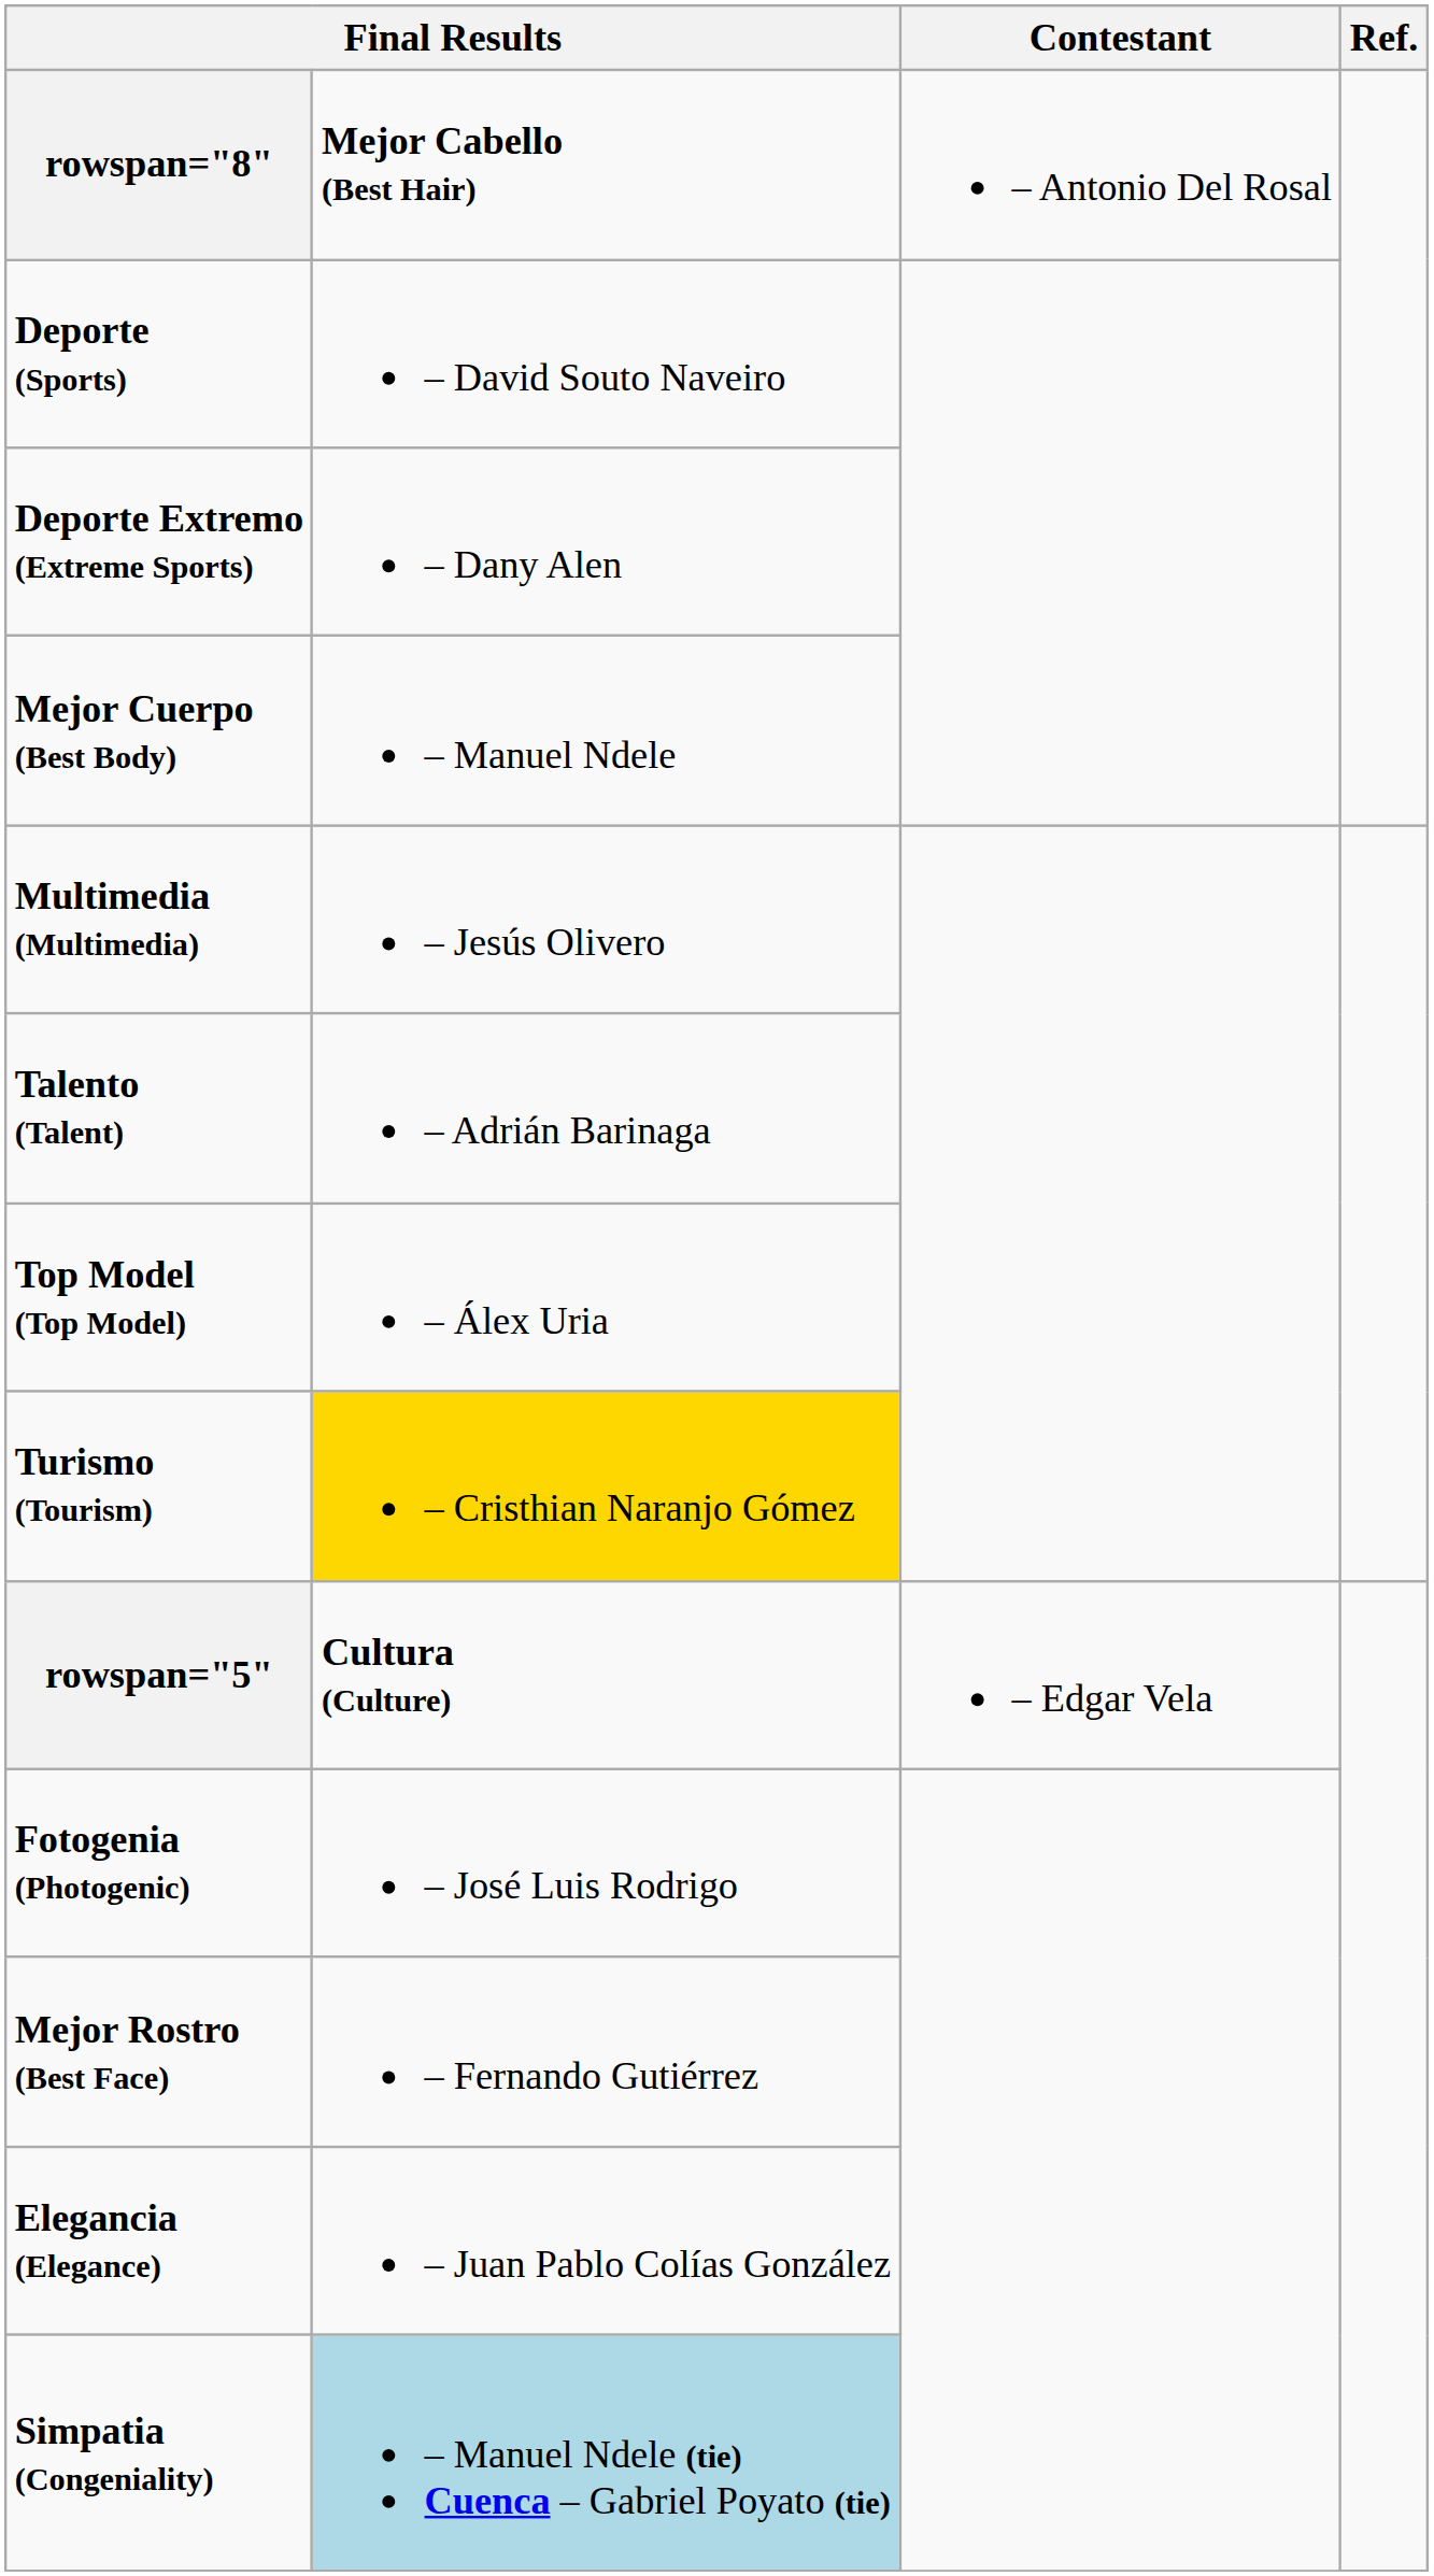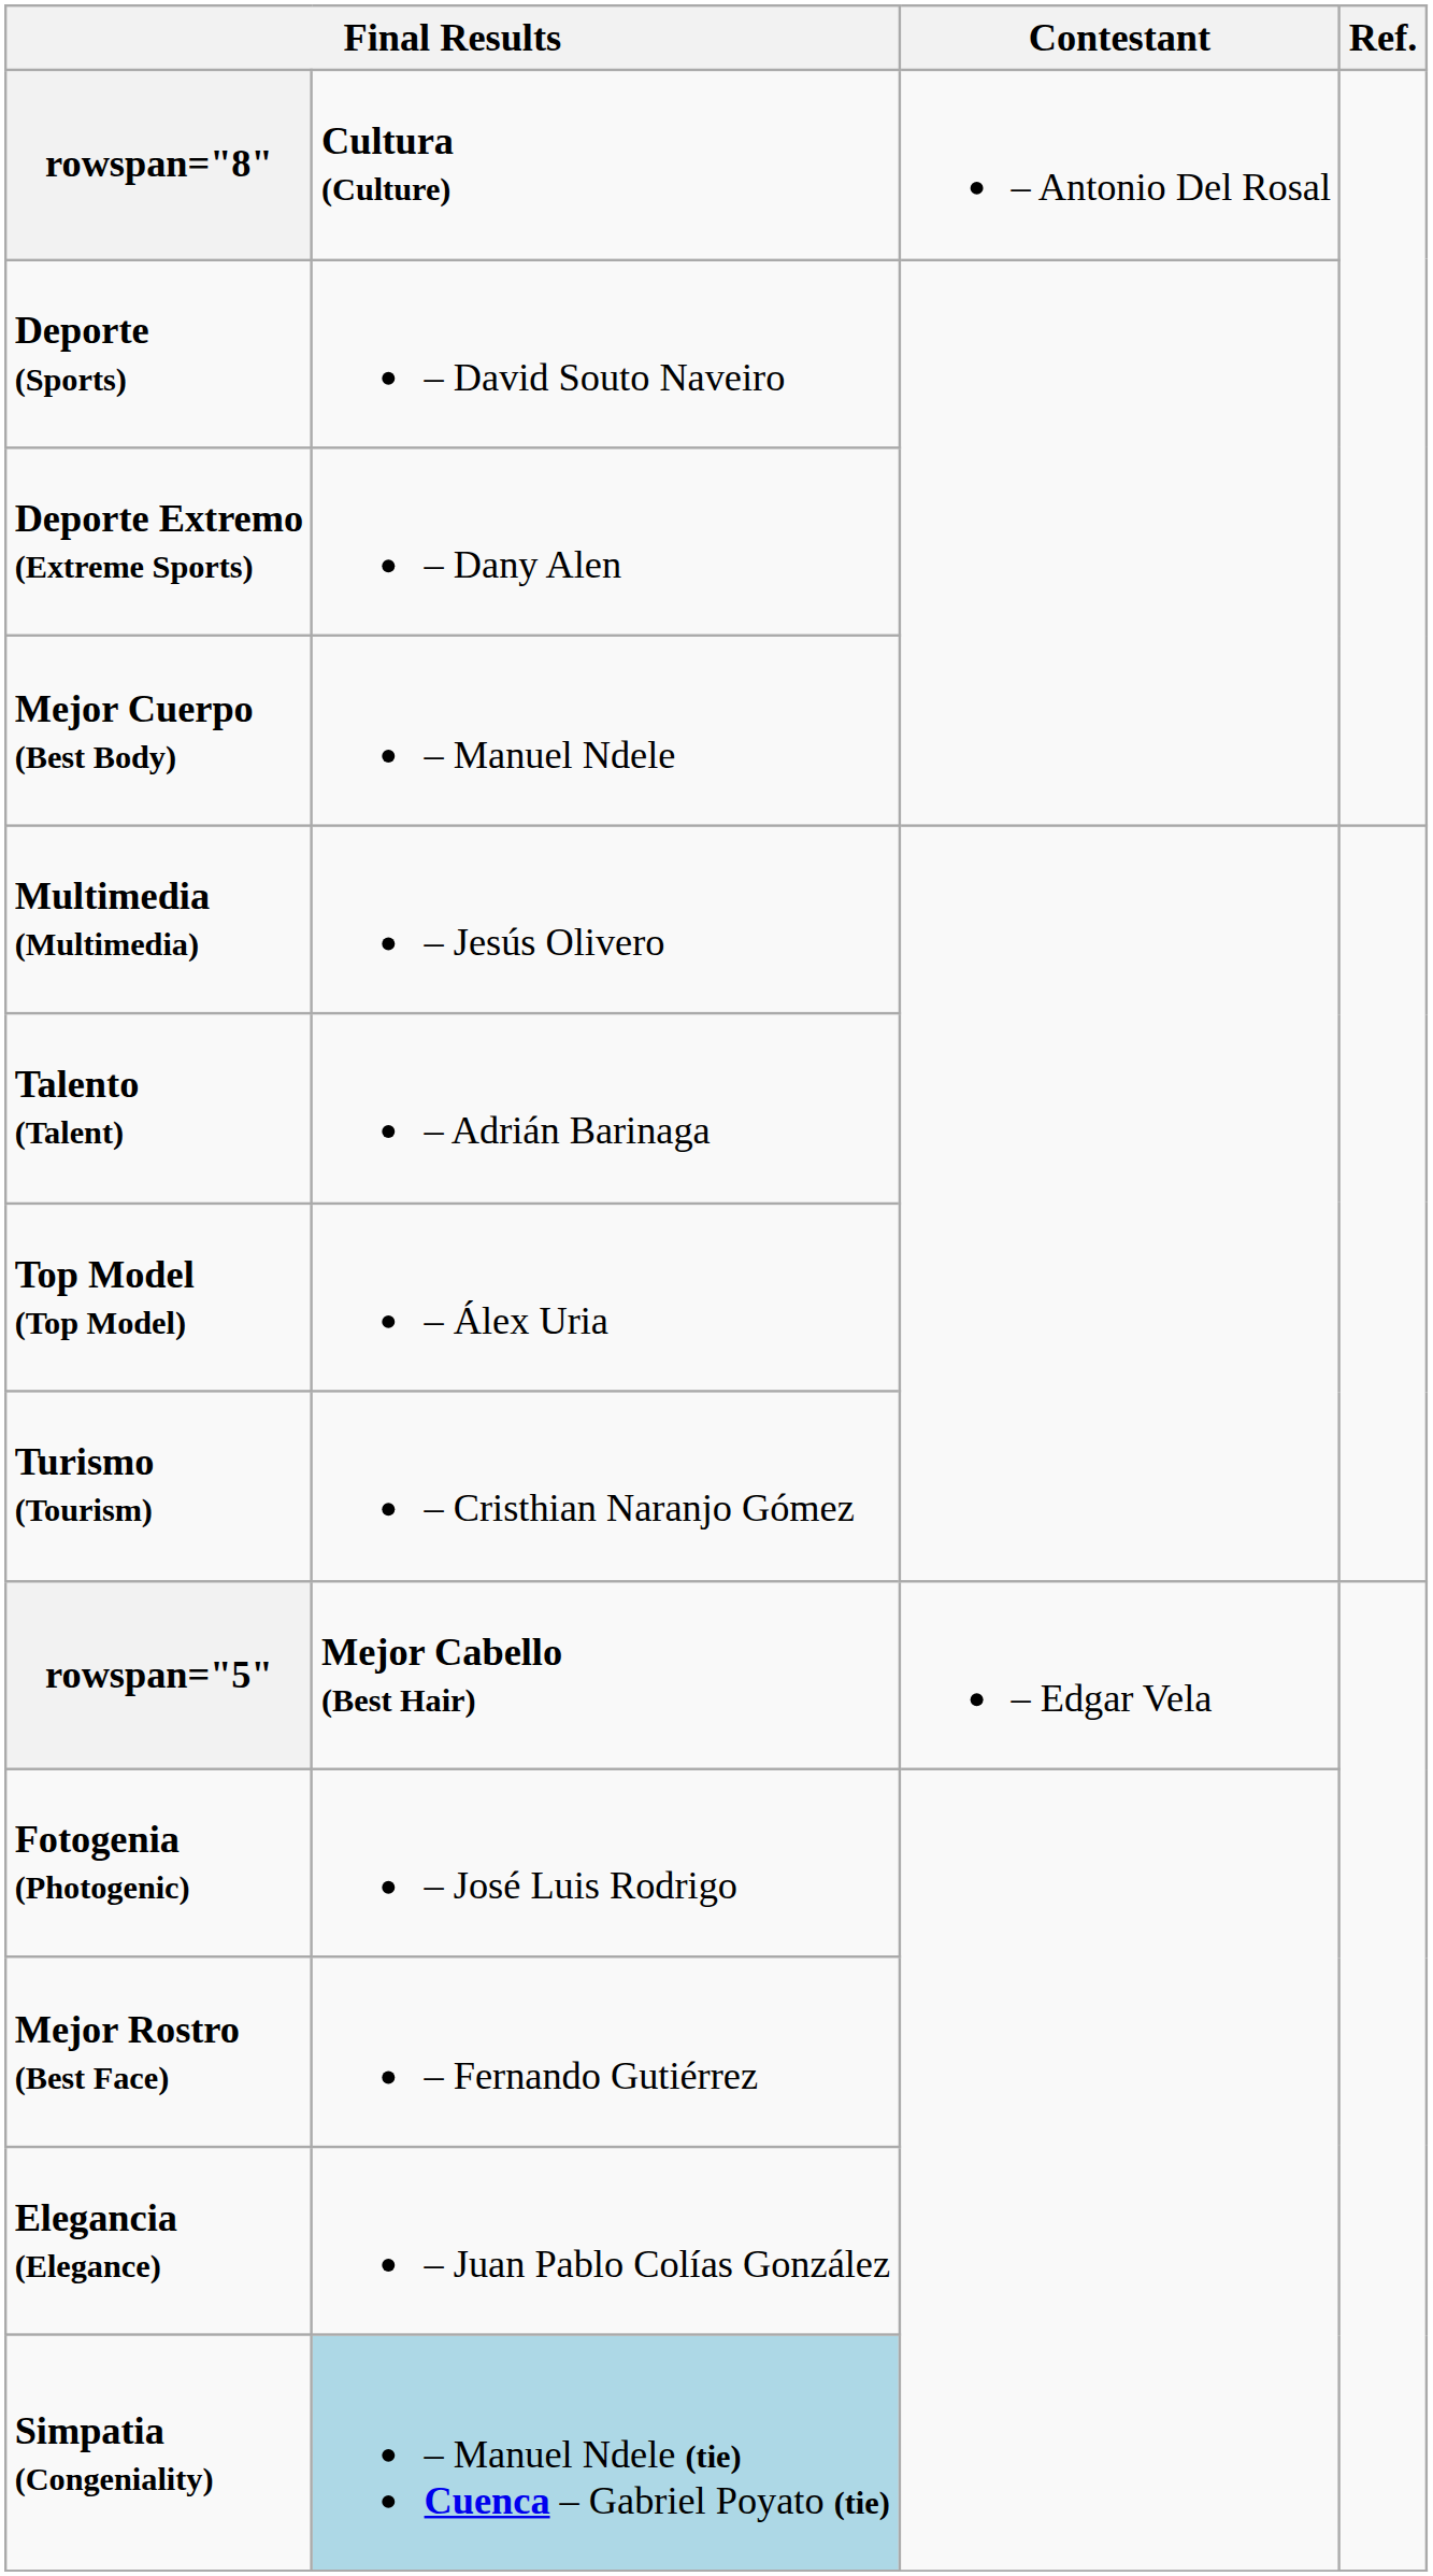 <table class="wikitable" style="font-size: 95%;">
 <tr>
 <th scope="col" colspan="2">Final Results</th>
 <th>Contestant</th>
 <th>Ref.</th>
 </tr>
 <tr>
 <th>rowspan="8" </th>
-<td><strong>Mejor Cabello<br><small>(Best Hair)</small></strong></td>
+<td><strong>Cultura<br><small>(Culture)</small></strong></td>
 <td><br><ul><li><strong></strong> – Antonio Del Rosal</li></ul></td>
 <td rowspan="4"></td>
 </tr>
 <tr>
 <td><strong>Deporte<br><small>(Sports)</small></strong></td>
 <td><br><ul><li><strong></strong> – David Souto Naveiro</li></ul></td>
 </tr>
 <tr>
 <td><strong>Deporte Extremo<br><small>(Extreme Sports)</small></strong></td>
 <td><br><ul><li><strong></strong> – Dany Alen</li></ul></td>
 </tr>
 <tr>
 <td><strong>Mejor Cuerpo<br><small>(Best Body)</small></strong></td>
 <td><br><ul><li><strong></strong> – Manuel Ndele</li></ul></td>
 </tr>
 <tr>
 <td><strong>Multimedia<br><small>(Multimedia)</small></strong></td>
 <td><br><ul><li><strong></strong> – Jesús Olivero</li></ul></td>
 <td rowspan="4"></td>
 </tr>
 <tr>
 <td><strong>Talento<br><small>(Talent)</small></strong></td>
 <td><br><ul><li><strong></strong> – Adrián Barinaga</li></ul></td>
 </tr>
 <tr>
 <td><strong>Top Model<br><small>(Top Model)</small></strong></td>
 <td><br><ul><li><strong></strong> – Álex Uria</li></ul></td>
 </tr>
 <tr>
 <td><strong>Turismo<br><small>(Tourism)</small></strong></td>
-<td style="background: gold;"><br><ul><li><strong></strong> – Cristhian Naranjo Gómez</li></ul></td>
+<td><br><ul><li><strong></strong> – Cristhian Naranjo Gómez</li></ul></td>
 </tr>
 <tr>
 <th>rowspan="5" </th>
-<td><strong>Cultura<br><small>(Culture)</small></strong></td>
+<td><strong>Mejor Cabello<br><small>(Best Hair)</small></strong></td>
 <td><br><ul><li><strong></strong> – Edgar Vela</li></ul></td>
 <td rowspan="5"></td>
 </tr>
 <tr>
 <td><strong>Fotogenia<br><small>(Photogenic)</small></strong></td>
 <td><br><ul><li><strong></strong> – José Luis Rodrigo</li></ul></td>
 </tr>
 <tr>
 <td><strong>Mejor Rostro<br><small>(Best Face)</small></strong></td>
 <td><br><ul><li><strong></strong> – Fernando Gutiérrez</li></ul></td>
 </tr>
 <tr>
 <td><strong>Elegancia<br><small>(Elegance)</small></strong></td>
 <td><br><ul><li><strong></strong> – Juan Pablo Colías González</li></ul></td>
 </tr>
 <tr>
 <td><strong>Simpatia<br><small>(Congeniality)</small></strong></td>
 <td style="background: lightblue;"><br><ul><li><strong></strong> – Manuel Ndele<strong> <small>(tie)</small></strong></li><li> <strong><a href='#'>Cuenca</a></strong> – Gabriel Poyato<strong> <small>(tie)</small></strong></li></ul></td>
 </tr>
 <tr>
 </tr>
 </table>
